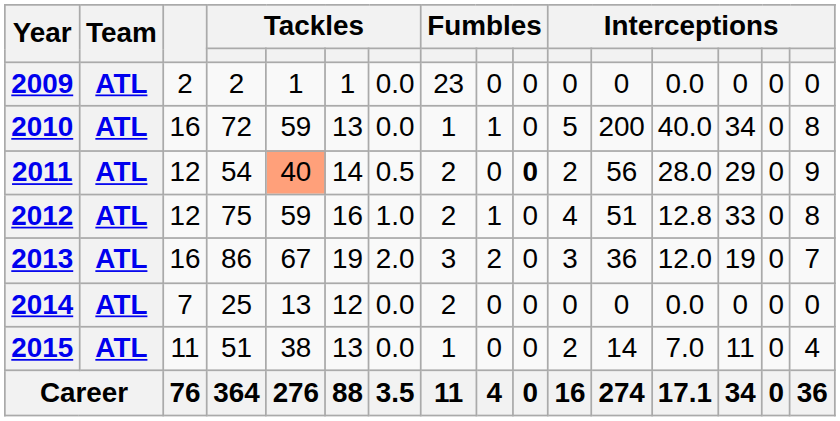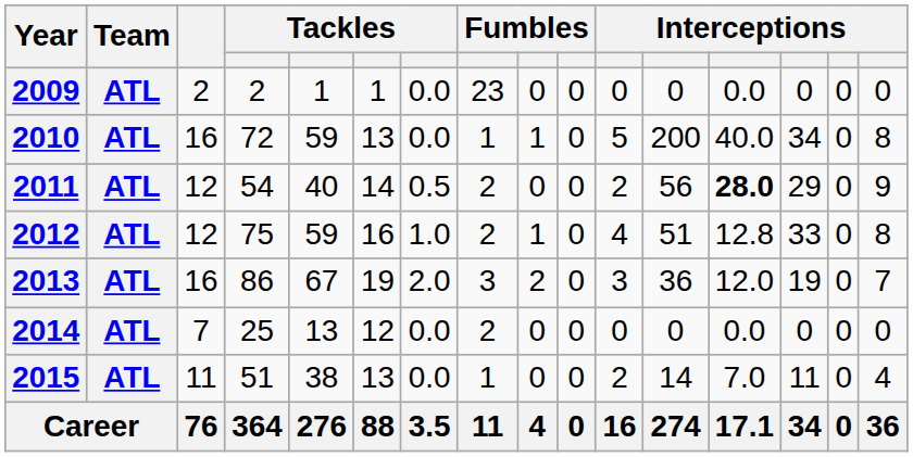 <table class="wikitable" style="text-align: center;">
 <tr>
 <th rowspan="2">Year</th>
 <th rowspan="2">Team</th>
 <th rowspan="2"></th>
 <th colspan="4">Tackles</th>
 <th colspan="3">Fumbles</th>
 <th colspan="6">Interceptions</th>
 </tr>
 <tr>
 <th></th>
 <th></th>
 <th></th>
 <th></th>
 <th></th>
 <th></th>
 <th></th>
 <th></th>
 <th></th>
 <th></th>
 <th></th>
 <th></th>
 <th></th>
 </tr>
 <tr>
 <th><a href='#'>2009</a></th>
 <th><a href='#'>ATL</a></th>
 <td>2</td>
 <td>2</td>
 <td>1</td>
 <td>1</td>
 <td>0.0</td>
 <td>23</td>
 <td>0</td>
 <td>0</td>
 <td>0</td>
 <td>0</td>
 <td>0.0</td>
 <td>0</td>
 <td>0</td>
 <td>0</td>
 </tr>
 <tr>
 <th><a href='#'>2010</a></th>
 <th><a href='#'>ATL</a></th>
 <td>16</td>
 <td>72</td>
 <td>59</td>
 <td>13</td>
 <td>0.0</td>
 <td>1</td>
 <td>1</td>
 <td>0</td>
 <td>5</td>
 <td>200</td>
 <td>40.0</td>
 <td>34</td>
 <td>0</td>
 <td>8</td>
 </tr>
 <tr>
 <th><a href='#'>2011</a></th>
 <th><a href='#'>ATL</a></th>
 <td>12</td>
 <td>54</td>
-<td style="background: lightsalmon;">40</td>
+<td>40</td>
 <td>14</td>
 <td>0.5</td>
 <td>2</td>
 <td>0</td>
-<td><strong>0</strong></td>
+<td>0</td>
 <td>2</td>
 <td>56</td>
-<td>28.0</td>
+<td><strong>28.0</strong></td>
 <td>29</td>
 <td>0</td>
 <td>9</td>
 </tr>
 <tr>
 <th><a href='#'>2012</a></th>
 <th><a href='#'>ATL</a></th>
 <td>12</td>
 <td>75</td>
 <td>59</td>
 <td>16</td>
 <td>1.0</td>
 <td>2</td>
 <td>1</td>
 <td>0</td>
 <td>4</td>
 <td>51</td>
 <td>12.8</td>
 <td>33</td>
 <td>0</td>
 <td>8</td>
 </tr>
 <tr>
 <th><a href='#'>2013</a></th>
 <th><a href='#'>ATL</a></th>
 <td>16</td>
 <td>86</td>
 <td>67</td>
 <td>19</td>
 <td>2.0</td>
 <td>3</td>
 <td>2</td>
 <td>0</td>
 <td>3</td>
 <td>36</td>
 <td>12.0</td>
 <td>19</td>
 <td>0</td>
 <td>7</td>
 </tr>
 <tr>
 <th><a href='#'>2014</a></th>
 <th><a href='#'>ATL</a></th>
 <td>7</td>
 <td>25</td>
 <td>13</td>
 <td>12</td>
 <td>0.0</td>
 <td>2</td>
 <td>0</td>
 <td>0</td>
 <td>0</td>
 <td>0</td>
 <td>0.0</td>
 <td>0</td>
 <td>0</td>
 <td>0</td>
 </tr>
 <tr>
 <th><a href='#'>2015</a></th>
 <th><a href='#'>ATL</a></th>
 <td>11</td>
 <td>51</td>
 <td>38</td>
 <td>13</td>
 <td>0.0</td>
 <td>1</td>
 <td>0</td>
 <td>0</td>
 <td>2</td>
 <td>14</td>
 <td>7.0</td>
 <td>11</td>
 <td>0</td>
 <td>4</td>
 </tr>
 <tr>
 <th colspan="2">Career</th>
 <th>76</th>
 <th>364</th>
 <th>276</th>
 <th>88</th>
 <th>3.5</th>
 <th>11</th>
 <th>4</th>
 <th>0</th>
 <th>16</th>
 <th>274</th>
 <th>17.1</th>
 <th>34</th>
 <th>0</th>
 <th>36</th>
 </tr>
 </table>
